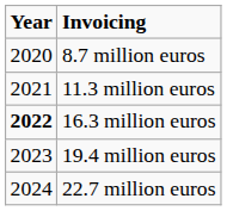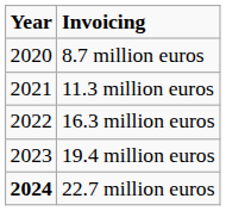 <table class="wikitable">
 <tr>
 <td><strong>Year</strong></td>
 <td><strong>Invoicing</strong></td>
 </tr>
 <tr>
 <td>2020</td>
 <td>8.7 million euros</td>
 </tr>
 <tr>
 <td>2021</td>
 <td>11.3 million euros</td>
 </tr>
 <tr>
-<td><strong>2022</strong></td>
+<td>2022</td>
 <td>16.3 million euros</td>
 </tr>
 <tr>
 <td>2023</td>
 <td>19.4 million euros</td>
 </tr>
 <tr>
-<td>2024</td>
+<td><strong>2024</strong></td>
 <td>22.7 million euros</td>
 </tr>
 </table>
